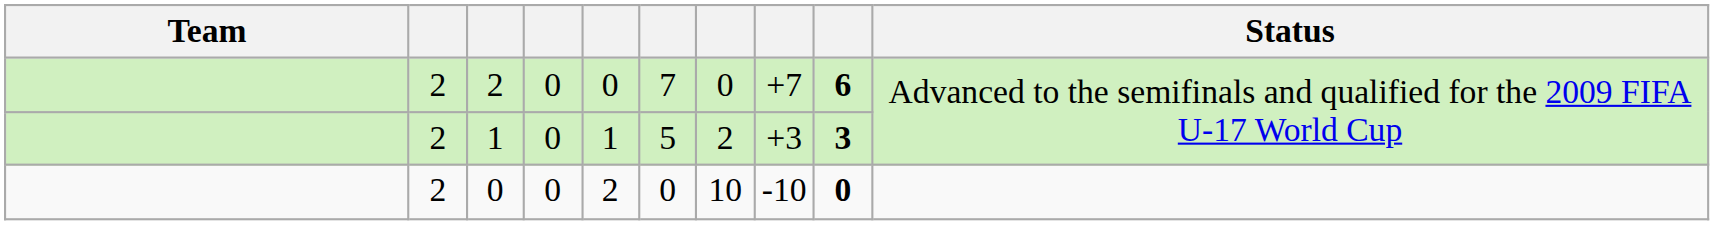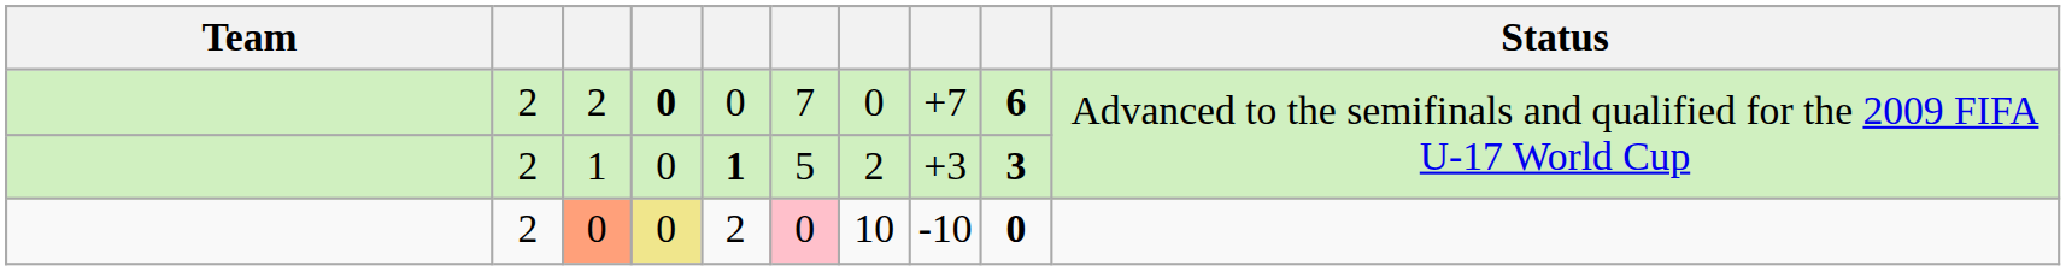 <table class="wikitable" style="text-align: center;">
 <tr>
 <th width=185>Team</th>
 <th width=20></th>
 <th width=20></th>
 <th width=20></th>
 <th width=20></th>
 <th width=20></th>
 <th width=20></th>
 <th width=20></th>
 <th width=20></th>
 <th width=391>Status</th>
 </tr>
 <tr bgcolor="#D0F0C0">
 <td align="left"></td>
 <td>2</td>
 <td>2</td>
-<td>0</td>
+<td><strong>0</strong></td>
 <td>0</td>
 <td>7</td>
 <td>0</td>
 <td>+7</td>
 <td><strong>6</strong></td>
 <td rowspan=2>Advanced to the semifinals and qualified for the <a href='#'>2009 FIFA U-17 World Cup</a></td>
 </tr>
 <tr bgcolor="#D0F0C0">
 <td align="left"></td>
 <td>2</td>
 <td>1</td>
 <td>0</td>
-<td>1</td>
+<td><strong>1</strong></td>
 <td>5</td>
 <td>2</td>
 <td>+3</td>
 <td><strong>3</strong></td>
 </tr>
 <tr>
 <td align="left"></td>
 <td>2</td>
-<td>0</td>
-<td>0</td>
+<td style="background: lightsalmon;">0</td>
+<td style="background: khaki;">0</td>
 <td>2</td>
-<td>0</td>
+<td style="background: pink;">0</td>
 <td>10</td>
 <td>-10</td>
 <td><strong>0</strong></td>
 </tr>
 </table>
